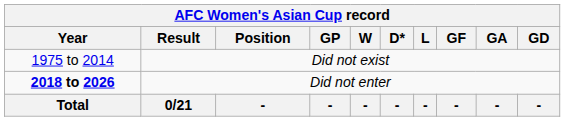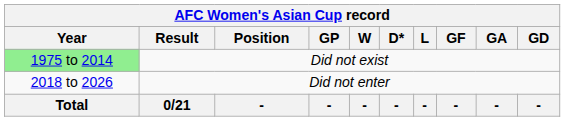 <table class="wikitable" style="text-align: center; width:50%;">
 <tr>
 <th colspan=10><a href='#'>AFC Women's Asian Cup</a> record</th>
 </tr>
 <tr>
 <th>Year</th>
 <th>Result</th>
 <th>Position</th>
 <th>GP</th>
 <th>W</th>
 <th>D*</th>
 <th>L</th>
 <th>GF</th>
 <th>GA</th>
 <th>GD</th>
 </tr>
 <tr>
-<td> <a href='#'>1975</a> to  <a href='#'>2014</a></td>
+<td style="background: lightgreen;"> <a href='#'>1975</a> to  <a href='#'>2014</a></td>
 <td colspan=9><em>Did not exist</em></td>
 </tr>
 <tr>
-<td><strong> <a href='#'>2018</a> to  <a href='#'>2026</a></strong></td>
+<td> <a href='#'>2018</a> to  <a href='#'>2026</a></td>
 <td colspan=9><em>Did not enter</em></td>
 </tr>
 <tr>
 <th><strong>Total</strong></th>
 <th>0/21</th>
 <th>-</th>
 <th>-</th>
 <th>-</th>
 <th>-</th>
 <th>-</th>
 <th>-</th>
 <th>-</th>
 <th>-</th>
 </tr>
 </table>
